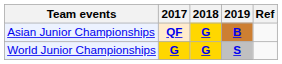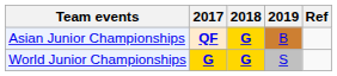 <table class="wikitable" style="font-size: 90%; text-align:center">
 <tr>
 <th>Team events</th>
 <th>2017</th>
 <th>2018</th>
 <th>2019</th>
 <th>Ref</th>
 </tr>
 <tr>
 <td bgcolor="#ECF2FF"; align="left"><a href='#'>Asian Junior Championships</a></td>
 <td bgcolor="#FFEBCD"><strong><a href='#'>QF</a></strong></td>
 <td bgcolor=gold><a href='#'><strong>G</strong></a></td>
-<td bgcolor=CD7F32><strong><a href='#'>B</a></strong></td>
+<td bgcolor=CD7F32><a href='#'>B</a></td>
 </tr>
 <tr>
 <td bgcolor="#ECF2FF"; align="left"><a href='#'>World Junior Championships</a></td>
 <td bgcolor=gold><a href='#'><strong>G</strong></a></td>
 <td bgcolor=gold><a href='#'><strong>G</strong></a></td>
-<td bgcolor=silver><strong><a href='#'>S</a></strong></td>
+<td bgcolor=silver><a href='#'>S</a></td>
 <td></td>
 </tr>
 </table>
